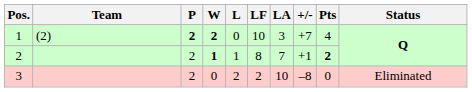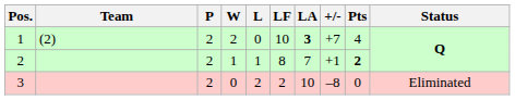 <table class="wikitable" style="text-align:center; margin: 1em auto 1em auto, align:left">
 <tr>
 <th width=20>Pos.</th>
 <th width=175>Team</th>
 <th width=20>P</th>
 <th width=20>W</th>
 <th width=20>L</th>
 <th width=20>LF</th>
 <th width=20>LA</th>
 <th width=20>+/-</th>
 <th width=20>Pts</th>
 <th width=150>Status</th>
 </tr>
 <tr style="background:#CCFFCC;">
 <td>1</td>
 <td style="text-align:left;"><strong></strong> (2)</td>
-<td><strong>2</strong></td>
-<td><strong>2</strong></td>
+<td>2</td>
+<td>2</td>
 <td>0</td>
 <td>10</td>
-<td>3</td>
+<td><strong>3</strong></td>
 <td>+7</td>
 <td>4</td>
 <td rowspan=2><strong>Q</strong></td>
 </tr>
 <tr style="background:#CCFFCC;">
 <td>2</td>
 <td style="text-align:left;"><strong></strong></td>
 <td>2</td>
-<td><strong>1</strong></td>
+<td>1</td>
 <td>1</td>
 <td>8</td>
 <td>7</td>
 <td>+1</td>
 <td><strong>2</strong></td>
 </tr>
 <tr style="background:#FFCCCC;">
 <td>3</td>
 <td style="text-align:left;"></td>
 <td>2</td>
 <td>0</td>
 <td>2</td>
 <td>2</td>
 <td>10</td>
 <td>–8</td>
 <td>0</td>
 <td>Eliminated</td>
 </tr>
 </table>
